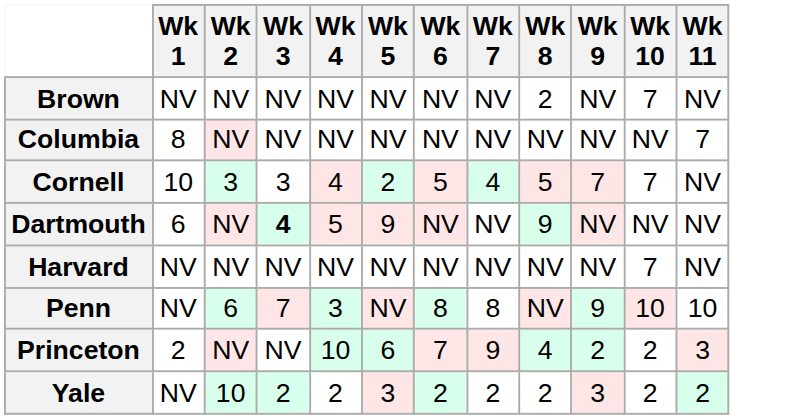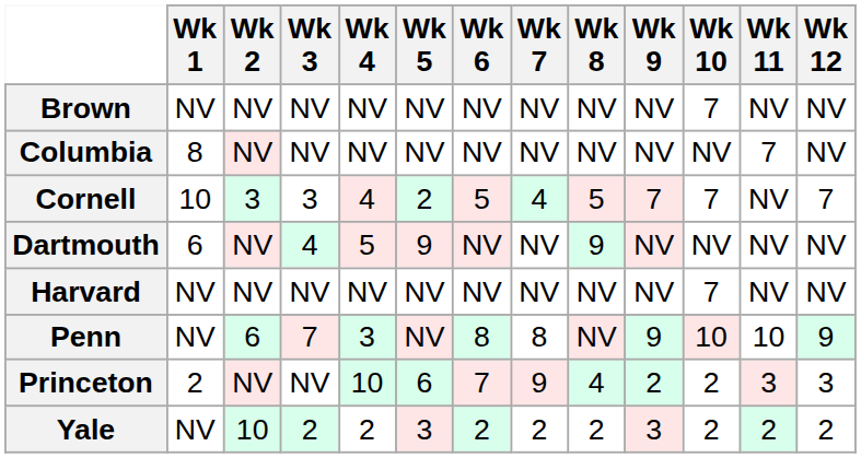 <table class="wikitable" style="white-space:nowrap;font-size:90%;text-align:center;">
 <tr>
 <th style="background:white; border-top-style:hidden; border-left-style:hidden;"> </th>
 <th>Wk<br> 1</th>
 <th>Wk<br>2</th>
 <th>Wk<br>3</th>
 <th>Wk<br>4</th>
 <th>Wk<br>5</th>
 <th>Wk<br>6</th>
 <th>Wk<br>7</th>
 <th>Wk<br>8</th>
 <th>Wk<br>9</th>
 <th>Wk<br>10</th>
 <th>Wk<br>11</th>
+<th>Wk<br>12</th>
 </tr>
 <tr>
 <th>Brown</th>
 <td style="background:#FFF;">NV</td>
 <td style="background:#FFF;">NV</td>
 <td style="background:#FFF;">NV</td>
 <td style="background:#FFF;">NV</td>
 <td style="background:#FFF;">NV</td>
 <td style="background:#FFF;">NV</td>
 <td style="background:#FFF;">NV</td>
-<td style="background:#FFF;">2</td>
+<td style="background:#FFF;">NV</td>
 <td style="background:#FFF;">NV</td>
 <td style="background:#FFF;">7</td>
+<td style="background:#FFF;">NV</td>
 <td style="background:#FFF;">NV</td>
 </tr>
 <tr>
 <th>Columbia</th>
 <td style="background:#FFF;">8</td>
 <td style="background:#ffe6e6;">NV</td>
 <td style="background:#FFF;">NV</td>
 <td style="background:#FFF;">NV</td>
 <td style="background:#FFF;">NV</td>
 <td style="background:#FFF;">NV</td>
 <td style="background:#FFF;">NV</td>
 <td style="background:#FFF;">NV</td>
 <td style="background:#FFF;">NV</td>
 <td style="background:#FFF;">NV</td>
 <td style="background:#FFF;">7</td>
+<td style="background:#FFF;">NV</td>
 </tr>
 <tr>
 <th>Cornell</th>
 <td style="background:#FFF;">10</td>
 <td style="background:#d8ffeb;">3</td>
 <td style="background:#FFF;">3</td>
 <td style="background:#ffe6e6;">4</td>
 <td style="background:#d8ffeb;">2</td>
 <td style="background:#ffe6e6;">5</td>
 <td style="background:#d8ffeb;">4</td>
 <td style="background:#ffe6e6;">5</td>
 <td style="background:#ffe6e6;">7</td>
 <td style="background:#FFF;">7</td>
 <td style="background:#FFF;">NV</td>
+<td style="background:#FFF;">7</td>
 </tr>
 <tr>
 <th>Dartmouth</th>
 <td style="background:#FFF;">6</td>
 <td style="background:#ffe6e6;">NV</td>
-<td style="background:#d8ffeb;"><strong>4</strong></td>
+<td style="background:#d8ffeb;">4</td>
 <td style="background:#ffe6e6;">5</td>
 <td style="background:#ffe6e6;">9</td>
 <td style="background:#ffe6e6;">NV</td>
 <td style="background:#FFF;">NV</td>
 <td style="background:#d8ffeb;">9</td>
 <td style="background:#ffe6e6;">NV</td>
+<td style="background:#FFF;">NV</td>
 <td style="background:#FFF;">NV</td>
 <td style="background:#FFF;">NV</td>
 </tr>
 <tr>
 <th>Harvard</th>
 <td style="background:#FFF;">NV</td>
 <td style="background:#FFF;">NV</td>
 <td style="background:#FFF;">NV</td>
 <td style="background:#FFF;">NV</td>
 <td style="background:#FFF;">NV</td>
 <td style="background:#FFF;">NV</td>
 <td style="background:#FFF;">NV</td>
 <td style="background:#FFF;">NV</td>
 <td style="background:#FFF;">NV</td>
 <td style="background:#FFF;">7</td>
 <td style="background:#FFF;">NV</td>
+<td style="background:#FFF;">NV</td>
 </tr>
 <tr>
 <th>Penn</th>
 <td style="background:#FFF;">NV</td>
 <td style="background:#d8ffeb;">6</td>
 <td style="background:#ffe6e6;">7</td>
 <td style="background:#d8ffeb;">3</td>
 <td style="background:#ffe6e6;">NV</td>
 <td style="background:#d8ffeb;">8</td>
 <td style="background:#FFF;">8</td>
 <td style="background:#ffe6e6;">NV</td>
 <td style="background:#d8ffeb;">9</td>
 <td style="background:#ffe6e6;">10</td>
 <td style="background:#FFF;">10</td>
+<td style="background:#d8ffeb;">9</td>
 </tr>
 <tr>
 <th>Princeton</th>
 <td style="background:#FFF;">2</td>
 <td style="background:#ffe6e6;">NV</td>
 <td style="background:#FFF;">NV</td>
 <td style="background:#d8ffeb;">10</td>
 <td style="background:#d8ffeb;">6</td>
 <td style="background:#ffe6e6;">7</td>
 <td style="background:#ffe6e6;">9</td>
 <td style="background:#d8ffeb;">4</td>
 <td style="background:#d8ffeb;">2</td>
 <td style="background:#FFF;">2</td>
 <td style="background:#ffe6e6;">3</td>
+<td style="background:#FFF;">3</td>
 </tr>
 <tr>
 <th>Yale</th>
 <td style="background:#FFF;">NV</td>
 <td style="background:#d8ffeb;">10</td>
 <td style="background:#d8ffeb;">2</td>
 <td style="background:#FFF;">2</td>
 <td style="background:#ffe6e6;">3</td>
 <td style="background:#d8ffeb;">2</td>
 <td style="background:#FFF;">2</td>
 <td style="background:#FFF;">2</td>
 <td style="background:#ffe6e6;">3</td>
 <td style="background:#FFF;">2</td>
 <td style="background:#d8ffeb;">2</td>
+<td style="background:#FFF;">2</td>
 </tr>
 </table>
